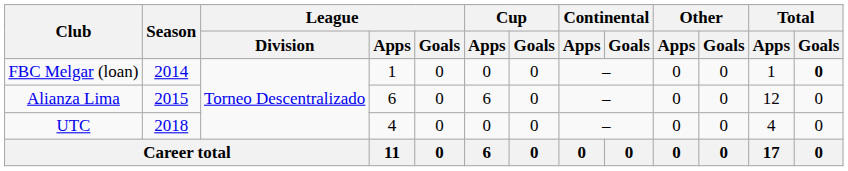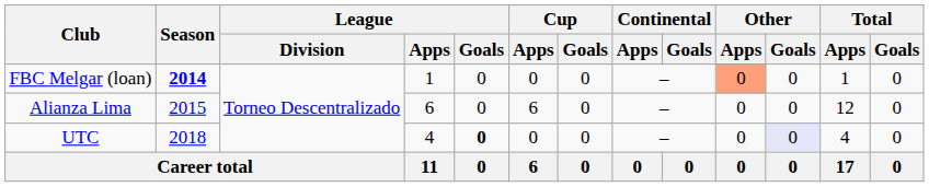 <table class="wikitable" style="text-align: center">
 <tr>
 <th rowspan="2">Club</th>
 <th rowspan="2">Season</th>
 <th colspan="3">League</th>
 <th colspan="2">Cup</th>
 <th colspan="2">Continental</th>
 <th colspan="2">Other</th>
 <th colspan="2">Total</th>
 </tr>
 <tr>
 <th>Division</th>
 <th>Apps</th>
 <th>Goals</th>
 <th>Apps</th>
 <th>Goals</th>
 <th>Apps</th>
 <th>Goals</th>
 <th>Apps</th>
 <th>Goals</th>
 <th>Apps</th>
 <th>Goals</th>
 </tr>
 <tr>
 <td><a href='#'>FBC Melgar</a> (loan)</td>
-<td><a href='#'>2014</a></td>
+<td><strong><a href='#'>2014</a></strong></td>
 <td rowspan="3"><a href='#'>Torneo Descentralizado</a></td>
 <td>1</td>
 <td>0</td>
 <td>0</td>
 <td>0</td>
 <td colspan="2">–</td>
-<td>0</td>
+<td style="background: lightsalmon;">0</td>
 <td>0</td>
 <td>1</td>
-<td><strong>0</strong></td>
+<td>0</td>
 </tr>
 <tr>
 <td><a href='#'>Alianza Lima</a></td>
 <td><a href='#'>2015</a></td>
 <td>6</td>
 <td>0</td>
 <td>6</td>
 <td>0</td>
 <td colspan="2">–</td>
 <td>0</td>
 <td>0</td>
 <td>12</td>
 <td>0</td>
 </tr>
 <tr>
 <td><a href='#'>UTC</a></td>
 <td><a href='#'>2018</a></td>
 <td>4</td>
-<td>0</td>
+<td><strong>0</strong></td>
 <td>0</td>
 <td>0</td>
 <td colspan="2">–</td>
 <td>0</td>
-<td>0</td>
+<td style="background: lavender;">0</td>
 <td>4</td>
 <td>0</td>
 </tr>
 <tr>
 <th colspan="3"><strong>Career total</strong></th>
 <th>11</th>
 <th>0</th>
 <th>6</th>
 <th>0</th>
 <th>0</th>
 <th>0</th>
 <th>0</th>
 <th>0</th>
 <th>17</th>
 <th>0</th>
 </tr>
 </table>
